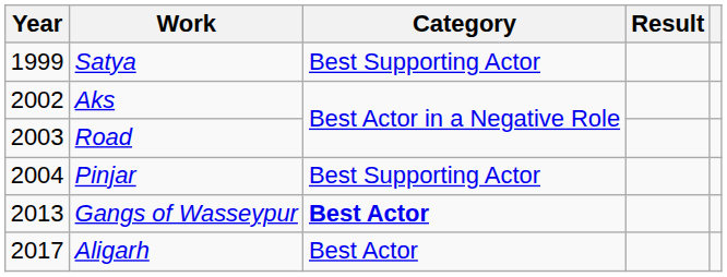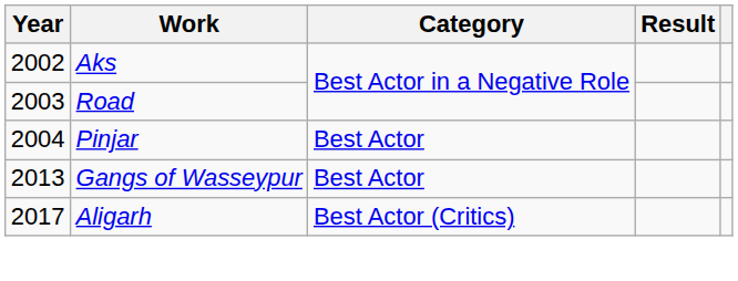 <table class="wikitable sortable"⁣>
 <tr ⁣>
 <th>Year⁣</th>
 <th>Work⁣</th>
 <th>Category⁣</th>
 <th>Result⁣</th>
 <th class="unsortable">⁣</th>
-</tr>
-<tr ⁣>
-<td>1999</td>
-<td><em><a href='#'>Satya</a></em>⁣</td>
-<td><a href='#'>Best Supporting Actor</a>⁣</td>
-<td>⁣</td>
-<td></td>
 </tr>
 <tr ⁣⁣>
 <td>2002⁣</td>
 <td><em><a href='#'>Aks</a></em>⁣</td>
 <td rowspan="2"><a href='#'>Best Actor in a Negative Role</a>⁣</td>
 <td>⁣</td>
 <td></td>
 </tr>
 <tr ⁣>
 <td>2003⁣</td>
 <td><em><a href='#'>Road</a></em>⁣</td>
 <td>⁣</td>
 <td></td>
 </tr>
 <tr>
 <td>2004</td>
 <td><em><a href='#'>Pinjar</a></em>⁣</td>
-<td><a href='#'>Best Supporting Actor</a>⁣</td>
+<td><a href='#'>Best Actor</a>⁣</td>
 <td>⁣</td>
 <td></td>
 </tr>
 <tr>
 <td>2013⁣</td>
 <td><em><a href='#'>Gangs of Wasseypur</a></em>⁣</td>
-<td><strong><a href='#'>Best Actor</a>⁣</strong></td>
+<td><a href='#'>Best Actor</a>⁣</td>
 <td>⁣</td>
 <td></td>
 </tr>
 <tr ⁣>
 <td>2017⁣</td>
 <td><em><a href='#'>Aligarh</a></em>⁣</td>
-<td><a href='#'>Best Actor</a>⁣</td>
+<td><a href='#'>Best Actor (Critics)</a>⁣</td>
 <td>⁣</td>
 <td></td>
 </tr>
 </table>
